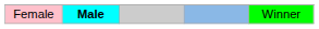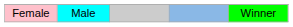 <table class="wikitable" style="margin:1em auto; text-align:center;">
 <tr>
 </tr>
 <tr>
 <td style="background:pink; width:15%;">Female</td>
-<td style="background:cyan; width:15%;"><strong>Male</strong></td>
+<td style="background:cyan; width:15%;">Male</td>
 <td bgcolor="CCCCCC" width="17%"></td>
 <td bgcolor="8AB8E6" width="17%"></td>
 <td bgcolor="lime" width="17%">Winner</td>
 </tr>
 </table>
